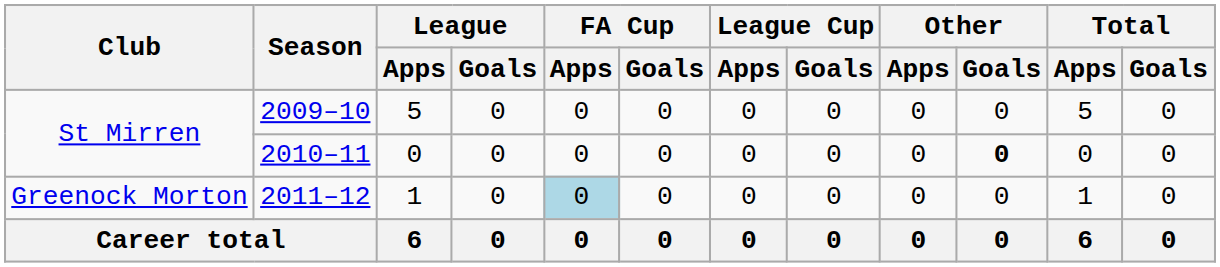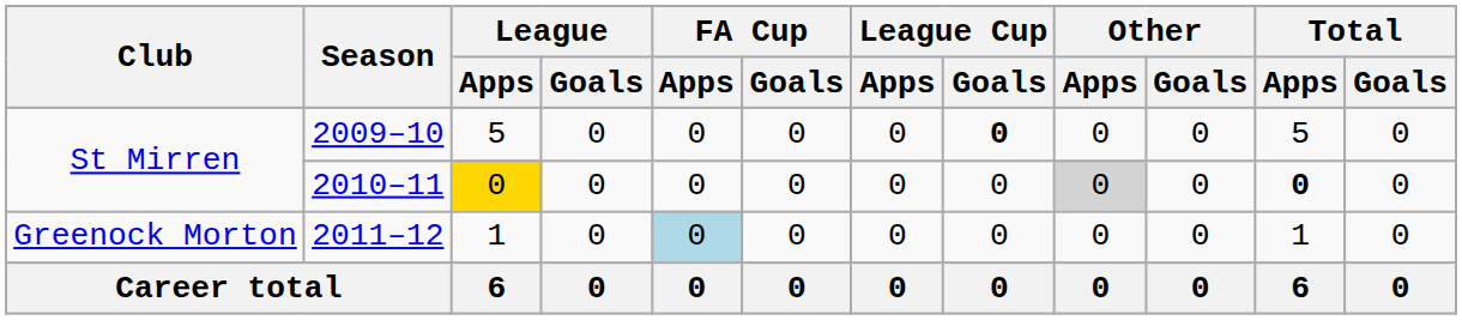 <table class="wikitable" style="text-align: center;">
 <tr>
 <th rowspan="2">Club</th>
 <th rowspan="2">Season</th>
 <th colspan="2">League</th>
 <th colspan="2">FA Cup</th>
 <th colspan="2">League Cup</th>
 <th colspan="2">Other</th>
 <th colspan="2">Total</th>
 </tr>
 <tr>
 <th>Apps</th>
 <th>Goals</th>
 <th>Apps</th>
 <th>Goals</th>
 <th>Apps</th>
 <th>Goals</th>
 <th>Apps</th>
 <th>Goals</th>
 <th>Apps</th>
 <th>Goals</th>
 </tr>
 <tr>
 <td rowspan="2" valign="center"><a href='#'>St Mirren</a></td>
 <td><a href='#'>2009–10</a></td>
 <td>5</td>
 <td>0</td>
 <td>0</td>
 <td>0</td>
 <td>0</td>
-<td>0</td>
+<td><strong>0</strong></td>
 <td>0</td>
 <td>0</td>
 <td>5</td>
 <td>0</td>
 </tr>
 <tr>
 <td><a href='#'>2010–11</a></td>
+<td style="background: gold;">0</td>
 <td>0</td>
 <td>0</td>
 <td>0</td>
 <td>0</td>
 <td>0</td>
-<td>0</td>
+<td style="background: lightgrey;">0</td>
 <td>0</td>
 <td><strong>0</strong></td>
-<td>0</td>
 <td>0</td>
 </tr>
 <tr>
 <td rowspan="1" valign="center"><a href='#'>Greenock Morton</a></td>
 <td><a href='#'>2011–12</a></td>
 <td>1</td>
 <td>0</td>
 <td style="background: lightblue;">0</td>
 <td>0</td>
 <td>0</td>
 <td>0</td>
 <td>0</td>
 <td>0</td>
 <td>1</td>
 <td>0</td>
 </tr>
 <tr>
 <th colspan="2">Career total</th>
 <th>6</th>
 <th>0</th>
 <th>0</th>
 <th>0</th>
 <th>0</th>
 <th>0</th>
 <th>0</th>
 <th>0</th>
 <th>6</th>
 <th>0</th>
 </tr>
 </table>
